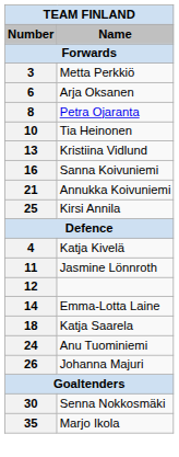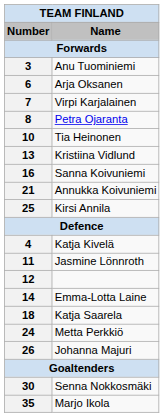 <table class="wikitable" style="text-align:left; font-size:90%;">
 <tr>
 <th style=background:#CEE0F2 colspan=2>TEAM FINLAND</th>
 </tr>
 <tr>
 <th style="background:silver;">Number</th>
 <th style="background:silver;">Name</th>
 </tr>
 <tr>
 <th style=background:#CEE0F2 colspan=2>Forwards</th>
 </tr>
 <tr>
 <th>3</th>
-<td>Metta Perkkiö</td>
+<td>Anu Tuominiemi</td>
 </tr>
 <tr>
 <th>6</th>
 <td>Arja Oksanen</td>
+</tr>
+<tr>
+<th>7</th>
+<td>Virpi Karjalainen</td>
 </tr>
 <tr>
 <th>8</th>
 <td><a href='#'>Petra Ojaranta</a></td>
 </tr>
 <tr>
 <th>10</th>
 <td>Tia Heinonen</td>
 </tr>
 <tr>
 <th>13</th>
 <td>Kristiina Vidlund</td>
 </tr>
 <tr>
 <th>16</th>
 <td>Sanna Koivuniemi</td>
 </tr>
 <tr>
 <th>21</th>
 <td>Annukka Koivuniemi</td>
 </tr>
 <tr>
 <th>25</th>
 <td>Kirsi Annila</td>
 </tr>
 <tr>
 <th style=background:#CEE0F2 colspan=2>Defence</th>
 </tr>
 <tr>
 <th>4</th>
 <td>Katja Kivelä</td>
 </tr>
 <tr>
 <th>11</th>
 <td>Jasmine Lönnroth</td>
 </tr>
 <tr>
 <th>12</th>
 <td></td>
 </tr>
 <tr>
 <th>14</th>
 <td>Emma-Lotta Laine</td>
 </tr>
 <tr>
 <th>18</th>
 <td>Katja Saarela</td>
 </tr>
 <tr>
 <th>24</th>
-<td>Anu Tuominiemi</td>
+<td>Metta Perkkiö</td>
 </tr>
 <tr>
 <th>26</th>
 <td>Johanna Majuri</td>
 </tr>
 <tr>
 <th style=background:#CEE0F2 colspan=2>Goaltenders</th>
 </tr>
 <tr>
 <th>30</th>
 <td>Senna Nokkosmäki</td>
 </tr>
 <tr>
 <th>35</th>
 <td>Marjo Ikola</td>
 </tr>
 </table>
